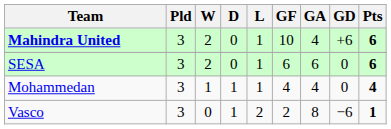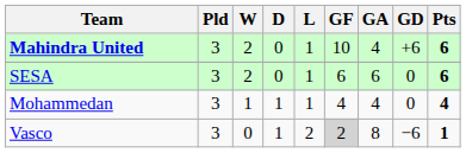 <table class="wikitable" style="text-align: center;">
 <tr>
 <th width=165>Team</th>
 <th width=20>Pld</th>
 <th width=20>W</th>
 <th width=20>D</th>
 <th width=20>L</th>
 <th width=20>GF</th>
 <th width=20>GA</th>
 <th width=20>GD</th>
 <th width=20>Pts</th>
 </tr>
 <tr bgcolor="#ccffcc">
 <td align=left><strong><a href='#'>Mahindra United</a></strong></td>
 <td>3</td>
 <td>2</td>
 <td>0</td>
 <td>1</td>
 <td>10</td>
 <td>4</td>
 <td>+6</td>
 <td><strong>6</strong></td>
 </tr>
 <tr>
 </tr>
 <tr bgcolor="#ccffcc">
 <td align=left><a href='#'>SESA</a></td>
 <td>3</td>
 <td>2</td>
 <td>0</td>
 <td>1</td>
 <td>6</td>
 <td>6</td>
 <td>0</td>
 <td><strong>6</strong></td>
 </tr>
 <tr>
 <td align=left><a href='#'>Mohammedan</a></td>
 <td>3</td>
 <td>1</td>
 <td>1</td>
 <td>1</td>
 <td>4</td>
 <td>4</td>
 <td>0</td>
 <td><strong>4</strong></td>
 </tr>
 <tr>
 <td align=left><a href='#'>Vasco</a></td>
 <td>3</td>
 <td>0</td>
 <td>1</td>
 <td>2</td>
-<td>2</td>
+<td style="background: lightgrey;">2</td>
 <td>8</td>
 <td>−6</td>
 <td><strong>1</strong></td>
 </tr>
 </table>
